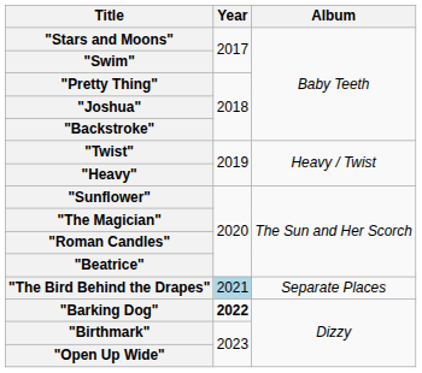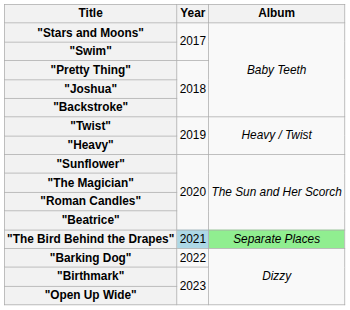 <table class="wikitable  plainrowheaders" style="text-align:center;">
 <tr>
 <th>Title</th>
 <th>Year</th>
 <th>Album</th>
 </tr>
 <tr>
 <th scope="row">"Stars and Moons"</th>
 <td rowspan="2">2017</td>
 <td rowspan="5"><em>Baby Teeth</em></td>
 </tr>
 <tr>
 <th scope="row">"Swim"</th>
 </tr>
 <tr>
 <th scope="row">"Pretty Thing"</th>
 <td rowspan="3">2018</td>
 </tr>
 <tr>
 <th scope="row">"Joshua"</th>
 </tr>
 <tr>
 <th scope="row">"Backstroke"</th>
 </tr>
 <tr>
 <th scope="row">"Twist"</th>
 <td rowspan="2">2019</td>
 <td rowspan="2"><em>Heavy / Twist</em></td>
 </tr>
 <tr>
 <th scope="row">"Heavy"</th>
 </tr>
 <tr>
 <th scope="row">"Sunflower"<br></th>
 <td rowspan="4">2020</td>
 <td rowspan="4"><em>The Sun and Her Scorch</em></td>
 </tr>
 <tr>
 <th scope="row">"The Magician"<br></th>
 </tr>
 <tr>
 <th scope="row">"Roman Candles"</th>
 </tr>
 <tr>
 <th scope="row">"Beatrice"</th>
 </tr>
 <tr>
 <th scope="row">"The Bird Behind the Drapes"</th>
 <td style="background: lightblue;">2021</td>
-<td><em>Separate Places</em></td>
+<td style="background: lightgreen;"><em>Separate Places</em></td>
 </tr>
 <tr>
 <th scope="row">"Barking Dog"</th>
-<td><strong>2022</strong></td>
+<td>2022</td>
 <td rowspan="3"><em>Dizzy</em></td>
 </tr>
 <tr>
 <th scope="row">"Birthmark"</th>
 <td rowspan="2">2023</td>
 </tr>
 <tr>
 <th scope="row">"Open Up Wide"</th>
 </tr>
 </table>
